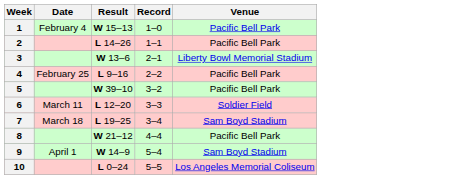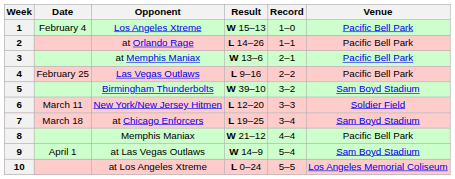 <table class="wikitable" style="text-align:center">
 <tr>
 <th>Week</th>
 <th>Date</th>
+<th>Opponent</th>
 <th>Result</th>
 <th>Record</th>
 <th>Venue</th>
 </tr>
 <tr style="background:#cfc">
 <th>1</th>
 <td>February 4</td>
+<td><a href='#'>Los Angeles Xtreme</a></td>
 <td><strong>W</strong> 15–13</td>
 <td>1–0</td>
 <td><a href='#'>Pacific Bell Park</a></td>
 </tr>
 <tr style="background:#fcc">
 <th>2</th>
 <td></td>
+<td>at <a href='#'>Orlando Rage</a></td>
 <td><strong>L</strong> 14–26</td>
 <td>1–1</td>
 <td>Pacific Bell Park</td>
 </tr>
 <tr style="background:#cfc">
 <th>3</th>
 <td></td>
+<td>at <a href='#'>Memphis Maniax</a></td>
 <td><strong>W</strong> 13–6</td>
 <td>2–1</td>
-<td><a href='#'>Liberty Bowl Memorial Stadium</a></td>
+<td><a href='#'>Pacific Bell Park</a></td>
 </tr>
 <tr style="background:#fcc">
 <th>4</th>
 <td>February 25</td>
+<td><a href='#'>Las Vegas Outlaws</a></td>
 <td><strong>L</strong> 9–16</td>
 <td>2–2</td>
 <td>Pacific Bell Park</td>
 </tr>
 <tr style="background:#cfc">
 <th>5</th>
 <td></td>
+<td><a href='#'>Birmingham Thunderbolts</a></td>
 <td><strong>W</strong> 39–10</td>
 <td>3–2</td>
-<td>Pacific Bell Park</td>
+<td><a href='#'>Sam Boyd Stadium</a></td>
 </tr>
 <tr style="background:#fcc">
 <th>6</th>
 <td>March 11</td>
+<td><a href='#'>New York/New Jersey Hitmen</a></td>
 <td><strong>L</strong> 12–20</td>
 <td>3–3</td>
 <td><a href='#'>Soldier Field</a></td>
 </tr>
 <tr style="background:#fcc">
 <th>7</th>
 <td>March 18</td>
+<td>at <a href='#'>Chicago Enforcers</a></td>
 <td><strong>L</strong> 19–25</td>
 <td>3–4</td>
 <td><a href='#'>Sam Boyd Stadium</a></td>
 </tr>
 <tr style="background:#cfc">
 <th>8</th>
 <td></td>
+<td>Memphis Maniax</td>
 <td><strong>W</strong> 21–12</td>
 <td>4–4</td>
 <td>Pacific Bell Park</td>
 </tr>
 <tr style="background:#cfc">
 <th>9</th>
 <td>April 1</td>
+<td>at Las Vegas Outlaws</td>
 <td><strong>W</strong> 14–9</td>
 <td>5–4</td>
 <td><a href='#'>Sam Boyd Stadium</a></td>
 </tr>
 <tr style="background:#fcc">
 <th>10</th>
 <td></td>
+<td>at Los Angeles Xtreme</td>
 <td><strong>L</strong> 0–24</td>
 <td>5–5</td>
 <td><a href='#'>Los Angeles Memorial Coliseum</a></td>
 </tr>
 </table>
